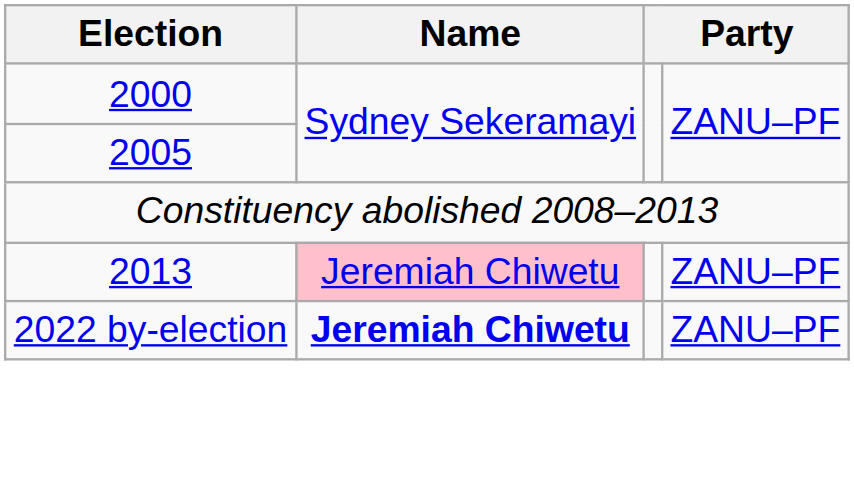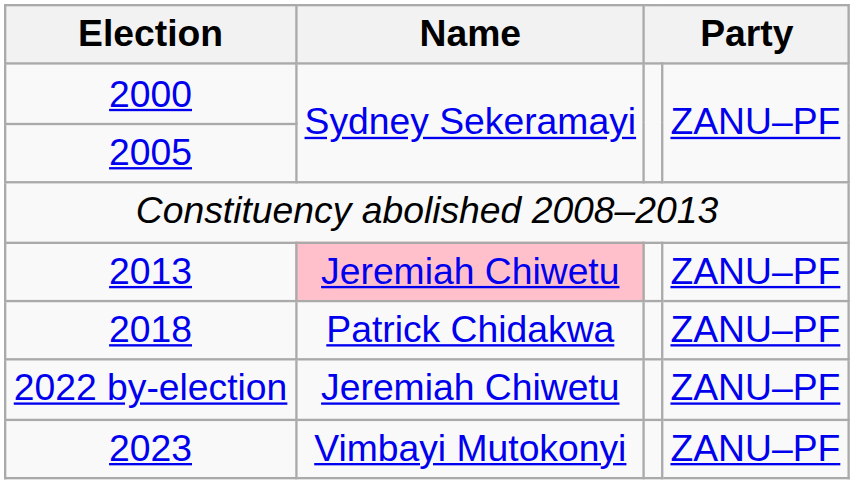 <table class="wikitable" style="text-align:center">
 <tr>
 <th>Election</th>
 <th>Name</th>
 <th colspan="2">Party</th>
 </tr>
 <tr>
 <td><a href='#'>2000</a></td>
 <td rowspan="2"><a href='#'>Sydney Sekeramayi</a></td>
 <td rowspan="2" style="background-color: "></td>
 <td rowspan="2"><a href='#'>ZANU–PF</a></td>
 </tr>
 <tr>
 <td><a href='#'>2005</a></td>
 </tr>
 <tr>
 <td colspan="4"><em>Constituency abolished 2008–2013</em></td>
 </tr>
 <tr>
 <td><a href='#'>2013</a></td>
 <td style="background: pink;"><a href='#'>Jeremiah Chiwetu</a></td>
 <td style="background-color: "></td>
 <td><a href='#'>ZANU–PF</a></td>
 </tr>
 <tr>
+<td><a href='#'>2018</a></td>
+<td><a href='#'>Patrick Chidakwa</a></td>
+<td style="background-color: "></td>
+<td><a href='#'>ZANU–PF</a></td>
+</tr>
+<tr>
 <td><a href='#'>2022 by-election</a></td>
-<td><strong><a href='#'>Jeremiah Chiwetu</a></strong></td>
+<td><a href='#'>Jeremiah Chiwetu</a></td>
+<td style="background-color: "></td>
+<td><a href='#'>ZANU–PF</a></td>
+</tr>
+<tr>
+<td><a href='#'>2023</a></td>
+<td><a href='#'>Vimbayi Mutokonyi</a></td>
 <td style="background-color: "></td>
 <td><a href='#'>ZANU–PF</a></td>
 </tr>
 </table>
